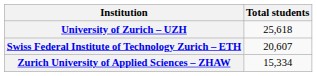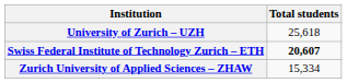 <table class="wikitable sortable plainrowheaders" style="text-align:center;">
 <tr>
 <th scope="col">Institution</th>
 <th scope="col">Total students</th>
 </tr>
 <tr>
 <th scope="row"><a href='#'>University of Zurich – UZH</a></th>
 <td>25,618</td>
 </tr>
 <tr>
 <th scope="row"><a href='#'>Swiss Federal Institute of Technology Zurich – ETH</a></th>
-<td>20,607</td>
+<td><strong>20,607</strong></td>
 </tr>
 <tr>
 <th scope="row"><a href='#'>Zurich University of Applied Sciences – ZHAW</a></th>
 <td>15,334</td>
 </tr>
 </table>
